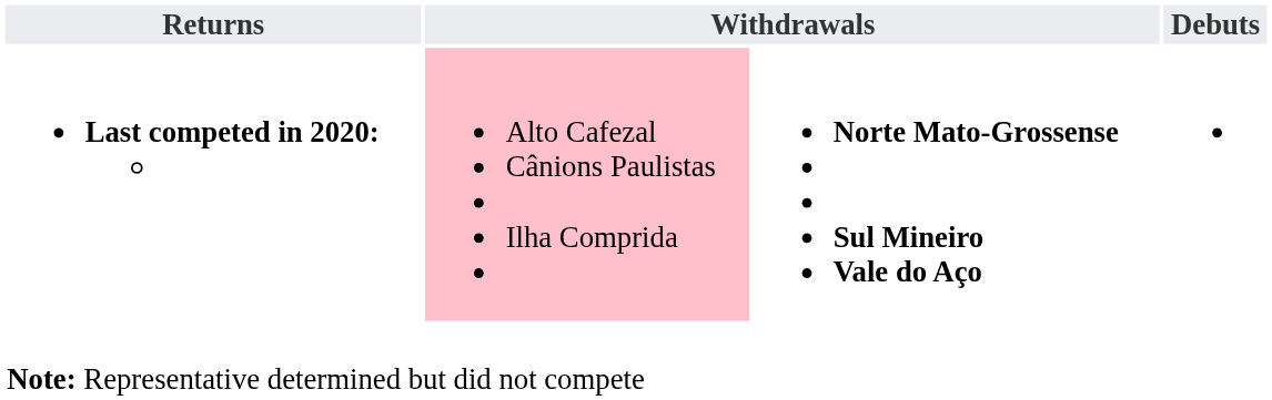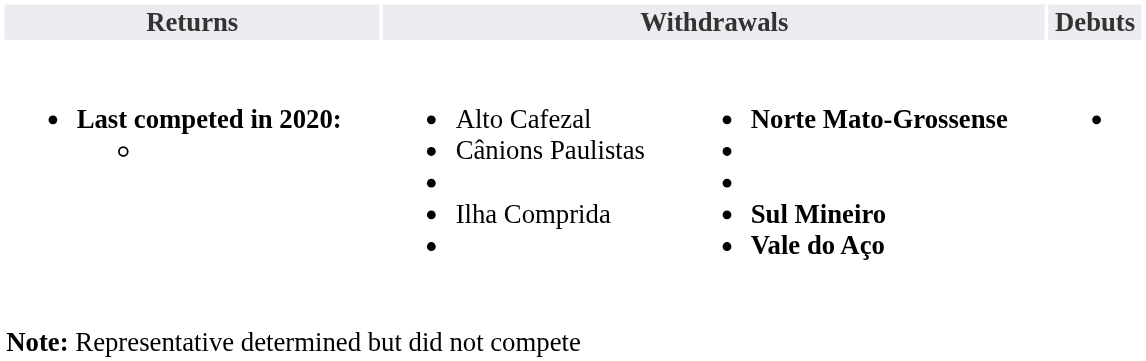 <table width = 650px style="font-size: 95%">
 <tr>
 <th style = "background: #eaecf0; color:#333333; ">Returns</th>
 <th colspan = "2" style = "background: #eaecf0; color:#333333; ">Withdrawals</th>
 <th style = "background: #eaecf0; color:#333333; ">Debuts</th>
 </tr>
 <tr>
 <td valign = "top"><br><ul><li><strong>Last competed in 2020:</strong><ul><li></li></ul></li></ul></td>
-<td valign = "top" style="background: pink;"><br><ul><li> Alto Cafezal</li><li> Cânions Paulistas</li><li></li><li> Ilha Comprida</li><li></li></ul></td>
+<td valign = "top"><br><ul><li> Alto Cafezal</li><li> Cânions Paulistas</li><li></li><li> Ilha Comprida</li><li></li></ul></td>
 <td valign = "top"><strong><br><ul><li> Norte Mato-Grossense</li><li></li><li></li><li> Sul Mineiro</li><li> Vale do Aço</li></ul></strong></td>
 <td valign = "top"><br><ul><li></li></ul></td>
 </tr>
 <tr>
 <td colspan=4><br><strong>Note:</strong>  Representative determined but did not compete</td>
 </tr>
 </table>
